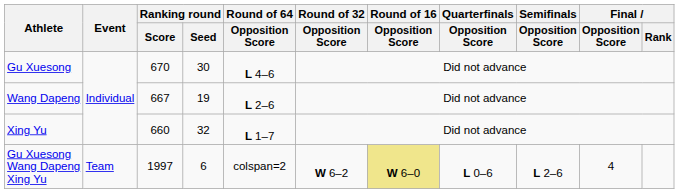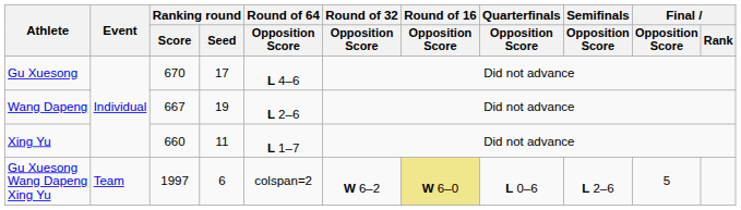 <table class="wikitable" style="font-size:90%">
 <tr>
 <th rowspan=2>Athlete</th>
 <th rowspan=2>Event</th>
 <th colspan="2">Ranking round</th>
 <th>Round of 64</th>
 <th>Round of 32</th>
 <th>Round of 16</th>
 <th>Quarterfinals</th>
 <th>Semifinals</th>
 <th colspan="2">Final / </th>
 </tr>
 <tr style="font-size:95%">
 <th>Score</th>
 <th>Seed</th>
 <th>Opposition<br>Score</th>
 <th>Opposition<br>Score</th>
 <th>Opposition<br>Score</th>
 <th>Opposition<br>Score</th>
 <th>Opposition<br>Score</th>
 <th>Opposition<br>Score</th>
 <th>Rank</th>
 </tr>
 <tr align=center>
 <td align=left><a href='#'>Gu Xuesong</a></td>
 <td align=left rowspan=3><a href='#'>Individual</a></td>
 <td>670</td>
-<td>30</td>
+<td>17</td>
 <td><br><strong>L</strong> 4–6</td>
 <td colspan=6>Did not advance</td>
 </tr>
 <tr align=center>
 <td align=left><a href='#'>Wang Dapeng</a></td>
 <td>667</td>
 <td>19</td>
 <td><br><strong>L</strong> 2–6</td>
 <td colspan=6>Did not advance</td>
 </tr>
 <tr align=center>
 <td align=left><a href='#'>Xing Yu</a></td>
 <td>660</td>
-<td>32</td>
+<td>11</td>
 <td><br><strong>L</strong> 1–7</td>
 <td colspan=6>Did not advance</td>
 </tr>
 <tr align=center>
 <td align=left><a href='#'>Gu Xuesong</a><br><a href='#'>Wang Dapeng</a><br><a href='#'>Xing Yu</a></td>
 <td align=left><a href='#'>Team</a></td>
 <td>1997</td>
 <td>6</td>
 <td>colspan=2 </td>
 <td><br><strong>W</strong> 6–2</td>
 <td style="background: khaki;"><br><strong>W</strong> 6–0</td>
 <td><br><strong>L</strong> 0–6</td>
 <td><br><strong>L</strong> 2–6</td>
-<td>4</td>
+<td>5</td>
 </tr>
 </table>
